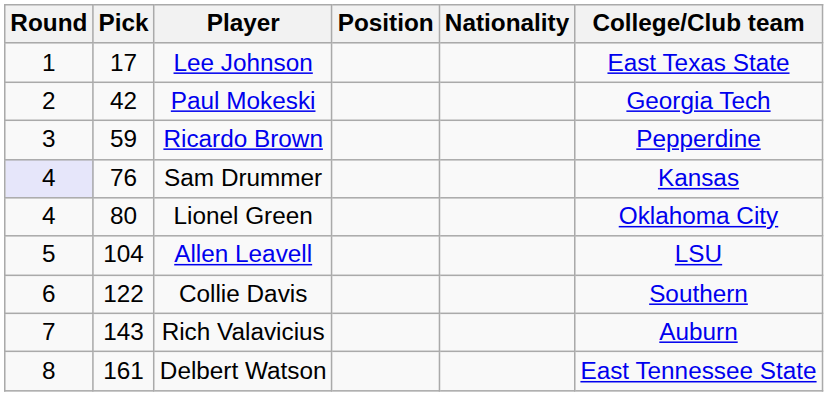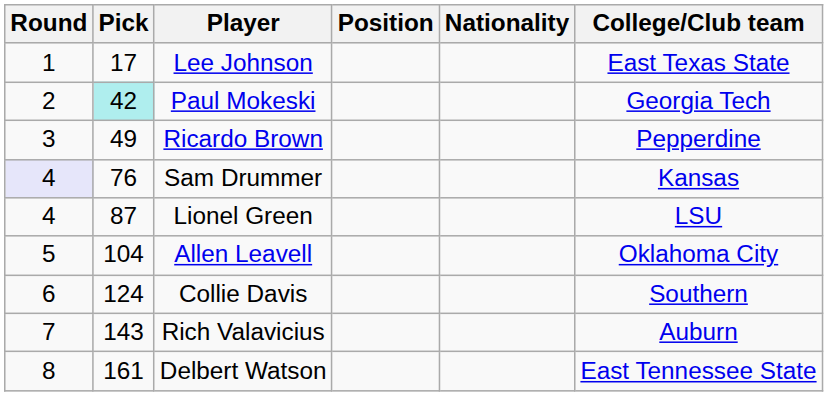 <table class="wikitable sortable sortable">
 <tr>
 <th>Round</th>
 <th>Pick</th>
 <th>Player</th>
 <th>Position</th>
 <th>Nationality</th>
 <th>College/Club team</th>
 </tr>
 <tr style="text-align: center">
 <td>1</td>
 <td>17</td>
 <td><a href='#'>Lee Johnson</a></td>
 <td></td>
 <td></td>
 <td><a href='#'>East Texas State</a></td>
 </tr>
 <tr style="text-align: center">
 <td>2</td>
-<td>42</td>
+<td style="background: paleturquoise;">42</td>
 <td><a href='#'>Paul Mokeski</a></td>
 <td></td>
 <td></td>
 <td><a href='#'>Georgia Tech</a></td>
 </tr>
 <tr style="text-align: center">
 <td>3</td>
-<td>59</td>
+<td>49</td>
 <td><a href='#'>Ricardo Brown</a></td>
 <td></td>
 <td></td>
 <td><a href='#'>Pepperdine</a></td>
 </tr>
 <tr style="text-align: center">
 <td style="background: lavender;">4</td>
 <td>76</td>
 <td>Sam Drummer</td>
 <td></td>
 <td></td>
 <td><a href='#'>Kansas</a></td>
 </tr>
 <tr style="text-align: center">
 <td>4</td>
-<td>80</td>
+<td>87</td>
 <td>Lionel Green</td>
 <td></td>
 <td></td>
-<td><a href='#'>Oklahoma City</a></td>
+<td><a href='#'>LSU</a></td>
 </tr>
 <tr style="text-align: center">
 <td>5</td>
 <td>104</td>
 <td><a href='#'>Allen Leavell</a></td>
 <td></td>
 <td></td>
-<td><a href='#'>LSU</a></td>
+<td><a href='#'>Oklahoma City</a></td>
 </tr>
 <tr style="text-align: center">
 <td>6</td>
-<td>122</td>
+<td>124</td>
 <td>Collie Davis</td>
 <td></td>
 <td></td>
 <td><a href='#'>Southern</a></td>
 </tr>
 <tr style="text-align: center">
 <td>7</td>
 <td>143</td>
 <td>Rich Valavicius</td>
 <td></td>
 <td></td>
 <td><a href='#'>Auburn</a></td>
 </tr>
 <tr style="text-align: center">
 <td>8</td>
 <td>161</td>
 <td>Delbert Watson</td>
 <td></td>
 <td></td>
 <td><a href='#'>East Tennessee State</a></td>
 </tr>
 </table>
